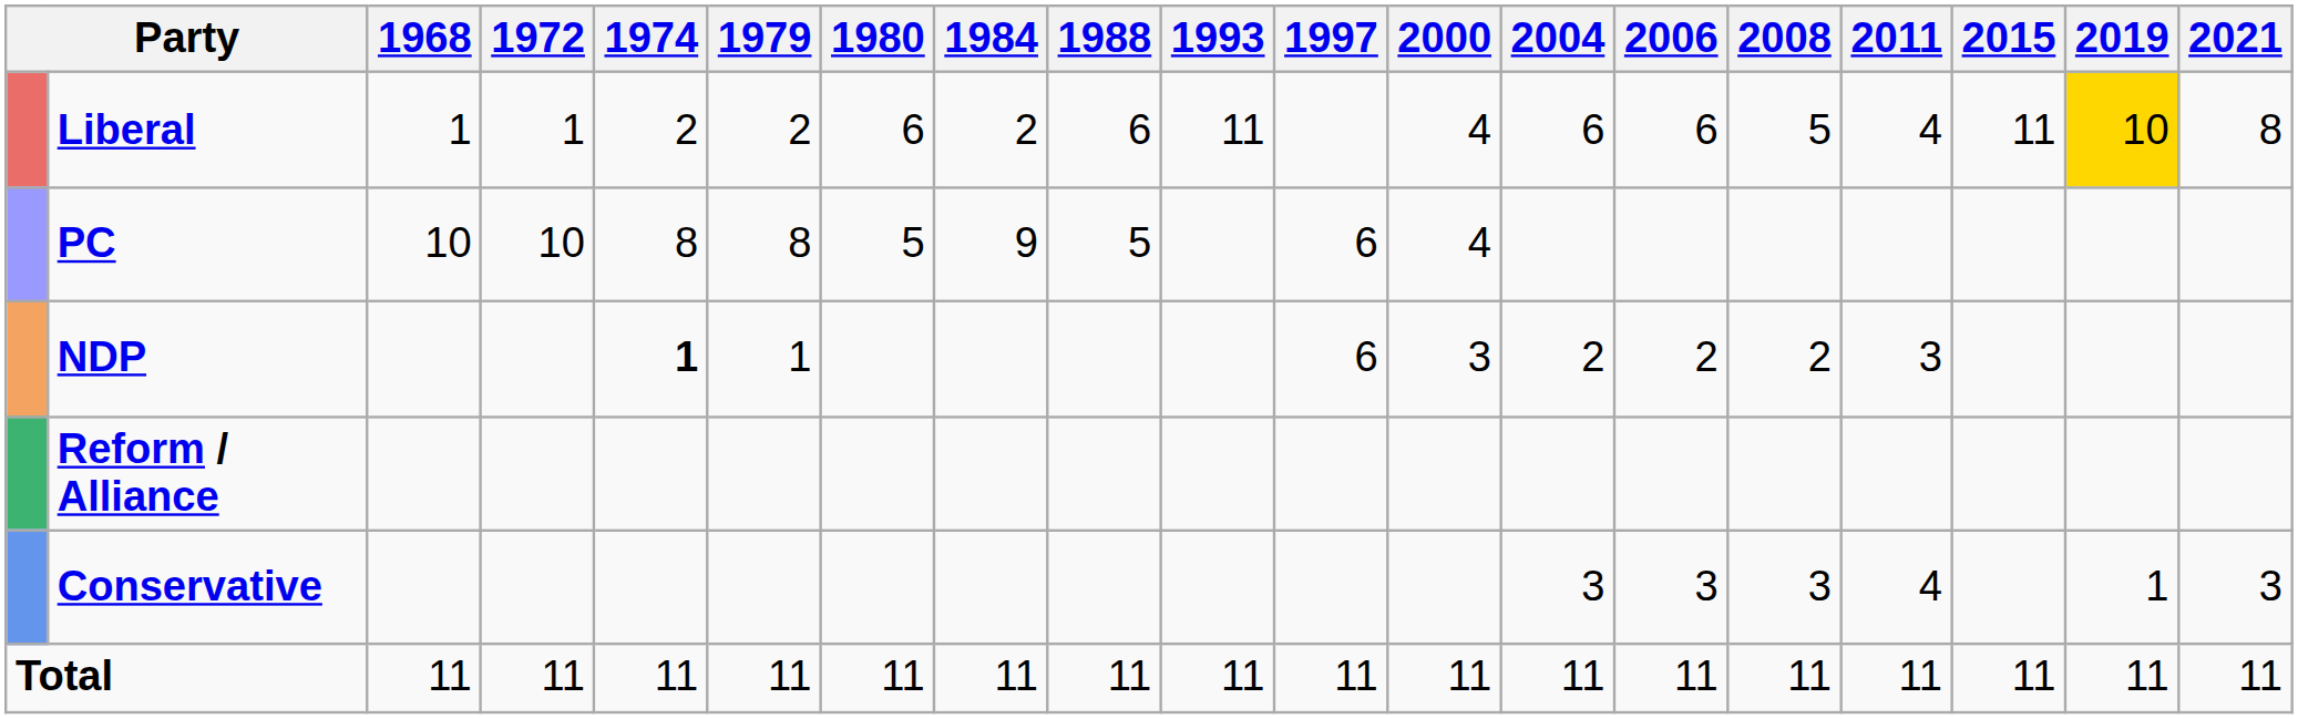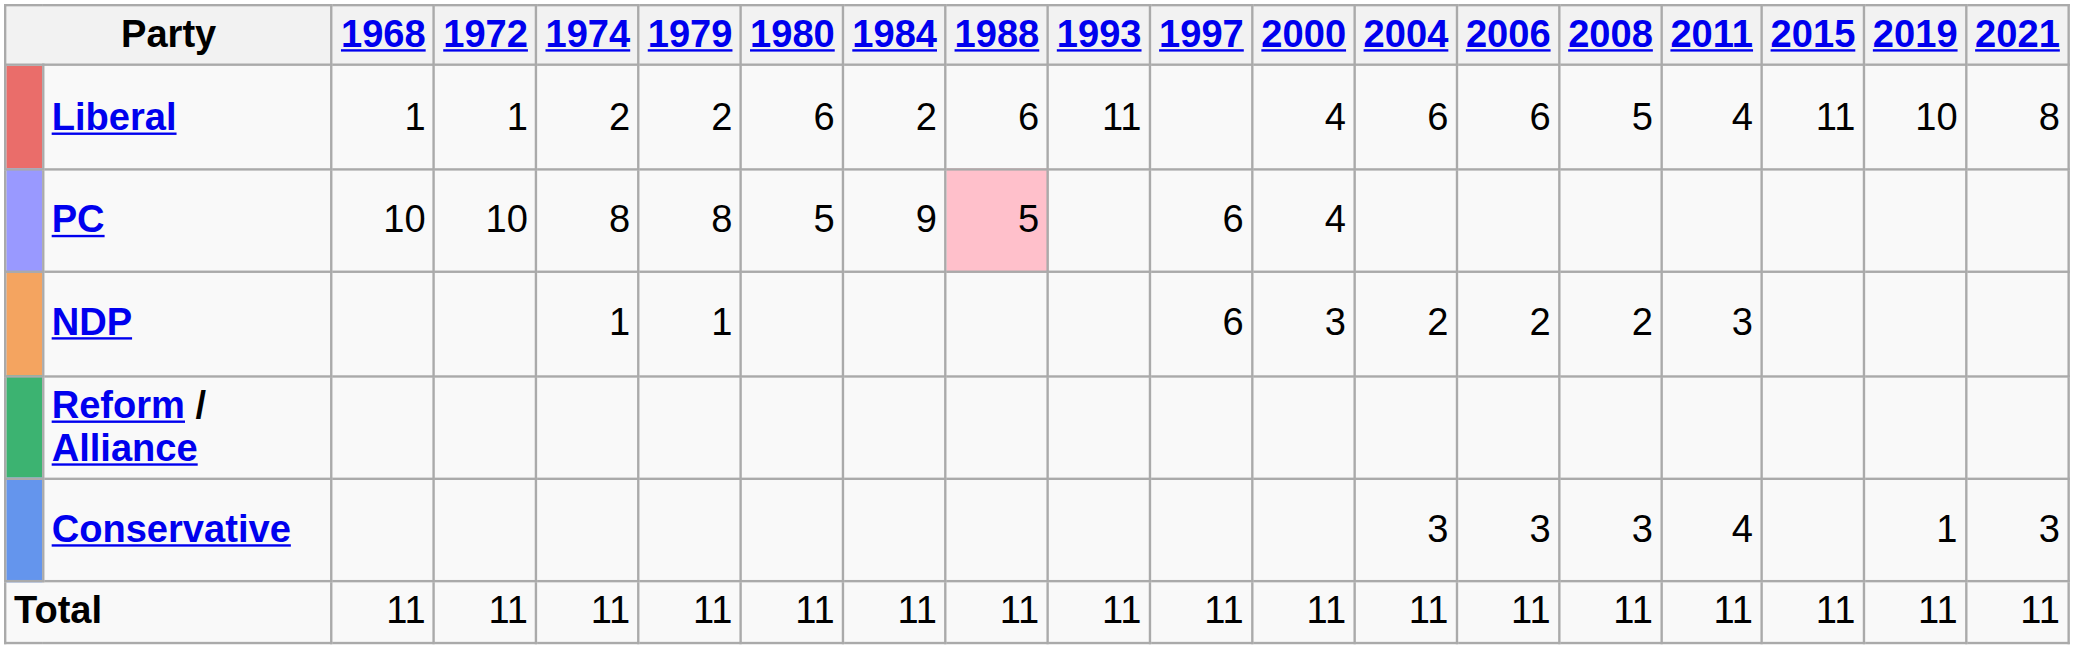 <table class="wikitable">
 <tr>
 <th colspan = "2">Party</th>
 <th><a href='#'>1968</a></th>
 <th><a href='#'>1972</a></th>
 <th><a href='#'>1974</a></th>
 <th><a href='#'>1979</a></th>
 <th><a href='#'>1980</a></th>
 <th><a href='#'>1984</a></th>
 <th><a href='#'>1988</a></th>
 <th><a href='#'>1993</a></th>
 <th><a href='#'>1997</a></th>
 <th><a href='#'>2000</a></th>
 <th><a href='#'>2004</a></th>
 <th><a href='#'>2006</a></th>
 <th><a href='#'>2008</a></th>
 <th><a href='#'>2011</a></th>
 <th><a href='#'>2015</a></th>
 <th><a href='#'>2019</a></th>
 <th><a href='#'>2021</a></th>
 </tr>
 <tr align = "right">
 <td bgcolor="#EA6D6A">   </td>
 <td align="left"><strong><a href='#'>Liberal</a></strong></td>
 <td>1</td>
 <td>1</td>
 <td>2</td>
 <td>2</td>
 <td>6</td>
 <td>2</td>
 <td>6</td>
 <td>11</td>
 <td></td>
 <td>4</td>
 <td>6</td>
 <td>6</td>
 <td>5</td>
 <td>4</td>
 <td>11</td>
-<td style="background: gold;">10</td>
+<td>10</td>
 <td>8</td>
 </tr>
 <tr align = "right">
 <td bgcolor="#9999FF">   </td>
 <td align="left"><strong><a href='#'>PC</a></strong></td>
 <td>10</td>
 <td>10</td>
 <td>8</td>
 <td>8</td>
 <td>5</td>
 <td>9</td>
-<td>5</td>
+<td style="background: pink;">5</td>
 <td></td>
 <td>6</td>
 <td>4</td>
 <td></td>
 <td></td>
 <td></td>
 <td></td>
 <td></td>
 <td></td>
 <td></td>
 </tr>
 <tr align = "right">
 <td bgcolor="#F4A460">   </td>
 <td align="left"><strong><a href='#'>NDP</a></strong></td>
 <td></td>
 <td></td>
-<td><strong>1</strong></td>
+<td>1</td>
 <td>1</td>
 <td></td>
 <td></td>
 <td></td>
 <td></td>
 <td>6</td>
 <td>3</td>
 <td>2</td>
 <td>2</td>
 <td>2</td>
 <td>3</td>
 <td></td>
 <td></td>
 <td></td>
 </tr>
 <tr align = "right">
 <td bgcolor="#3CB371">   </td>
 <td align="left"><strong><a href='#'>Reform</a></strong> <strong>/</strong> <strong><a href='#'>Alliance</a></strong></td>
 <td></td>
 <td></td>
 <td></td>
 <td></td>
 <td></td>
 <td></td>
 <td></td>
 <td></td>
 <td></td>
 <td></td>
 <td></td>
 <td></td>
 <td></td>
 <td></td>
 <td></td>
 <td></td>
 <td></td>
 </tr>
 <tr align = "right">
 <td bgcolor="#6495ED">   </td>
 <td align="left"><strong><a href='#'>Conservative</a></strong></td>
 <td></td>
 <td></td>
 <td></td>
 <td></td>
 <td></td>
 <td></td>
 <td></td>
 <td></td>
 <td></td>
 <td></td>
 <td>3</td>
 <td>3</td>
 <td>3</td>
 <td>4</td>
 <td></td>
 <td>1</td>
 <td>3</td>
 </tr>
 <tr align = "right">
 <td colspan = "2" align="left"><strong>Total</strong></td>
 <td>11</td>
 <td>11</td>
 <td>11</td>
 <td>11</td>
 <td>11</td>
 <td>11</td>
 <td>11</td>
 <td>11</td>
 <td>11</td>
 <td>11</td>
 <td>11</td>
 <td>11</td>
 <td>11</td>
 <td>11</td>
 <td>11</td>
 <td>11</td>
 <td>11</td>
 </tr>
 </table>
